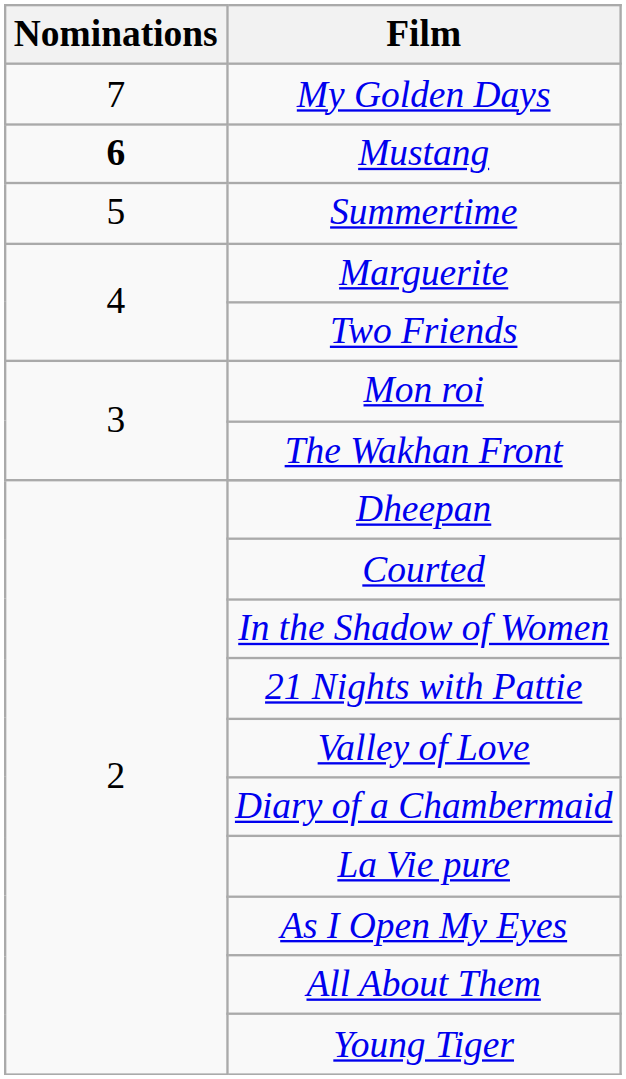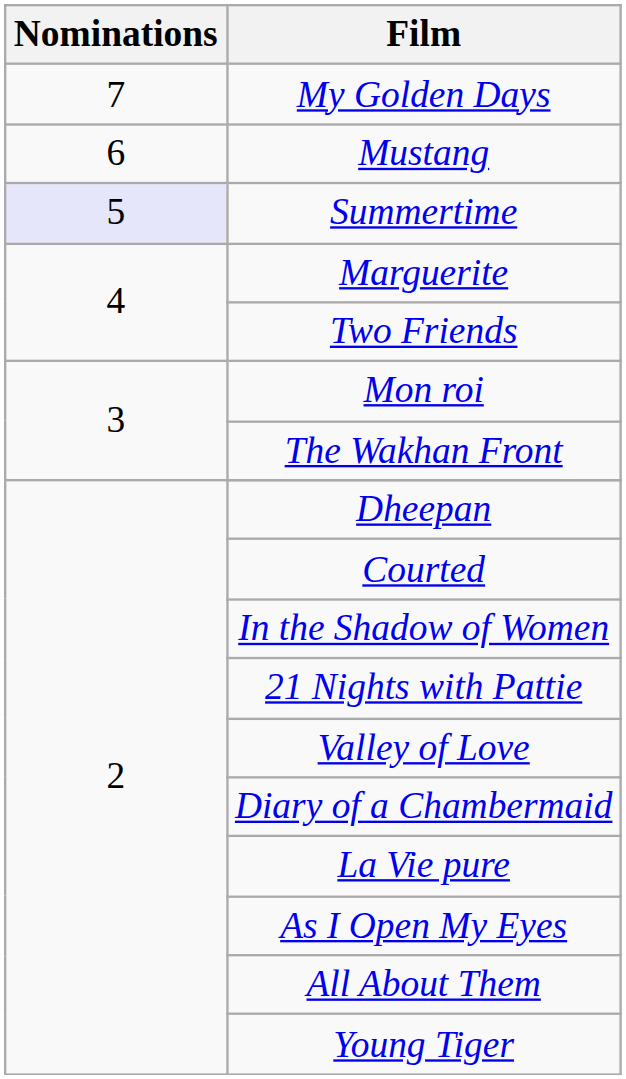 <table class="wikitable" style="text-align:center;">
 <tr>
 <th scope="col" width="55">Nominations</th>
 <th scope="col" align="center">Film</th>
 </tr>
 <tr>
 <td style="text-align:center">7</td>
 <td><em><a href='#'>My Golden Days</a></em></td>
 </tr>
 <tr>
-<td style="text-align:center"><strong>6</strong></td>
+<td style="text-align:center">6</td>
 <td><em><a href='#'>Mustang</a></em></td>
 </tr>
 <tr>
-<td style="text-align:center">5</td>
+<td style="background: lavender; text-align:center">5</td>
 <td><em><a href='#'>Summertime</a></em></td>
 </tr>
 <tr>
 <td rowspan=2 style="text-align:center">4</td>
 <td><em><a href='#'>Marguerite</a></em></td>
 </tr>
 <tr>
 <td><em><a href='#'>Two Friends</a></em></td>
 </tr>
 <tr>
 <td rowspan=2 style="text-align:center">3</td>
 <td><em><a href='#'>Mon roi</a></em></td>
 </tr>
 <tr>
 <td><em><a href='#'>The Wakhan Front</a></em></td>
 </tr>
 <tr>
 <td rowspan=11 style="text-align:center">2</td>
 </tr>
 <tr>
 <td><em><a href='#'>Dheepan</a></em></td>
 </tr>
 <tr>
 <td><em><a href='#'>Courted</a></em></td>
 </tr>
 <tr>
 <td><em><a href='#'>In the Shadow of Women</a></em></td>
 </tr>
 <tr>
 <td><em><a href='#'>21 Nights with Pattie</a></em></td>
 </tr>
 <tr>
 <td><em><a href='#'>Valley of Love</a></em></td>
 </tr>
 <tr>
 <td><em><a href='#'>Diary of a Chambermaid</a></em></td>
 </tr>
 <tr>
 <td><em><a href='#'>La Vie pure</a></em></td>
 </tr>
 <tr>
 <td><em><a href='#'>As I Open My Eyes</a></em></td>
 </tr>
 <tr>
 <td><em><a href='#'>All About Them</a></em></td>
 </tr>
 <tr>
 <td><em><a href='#'>Young Tiger</a></em></td>
 </tr>
 </table>
